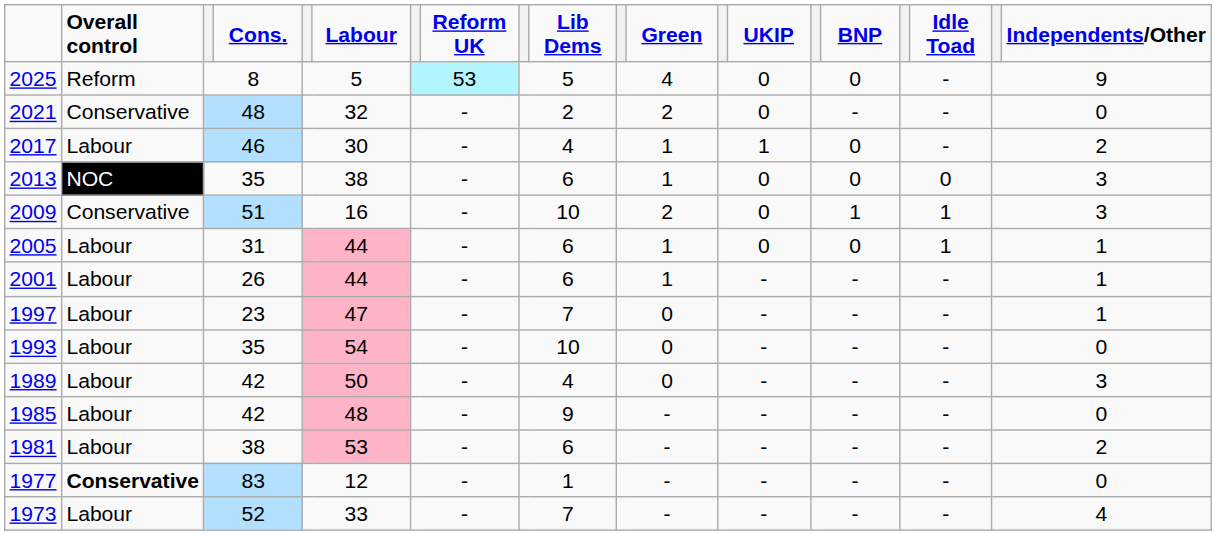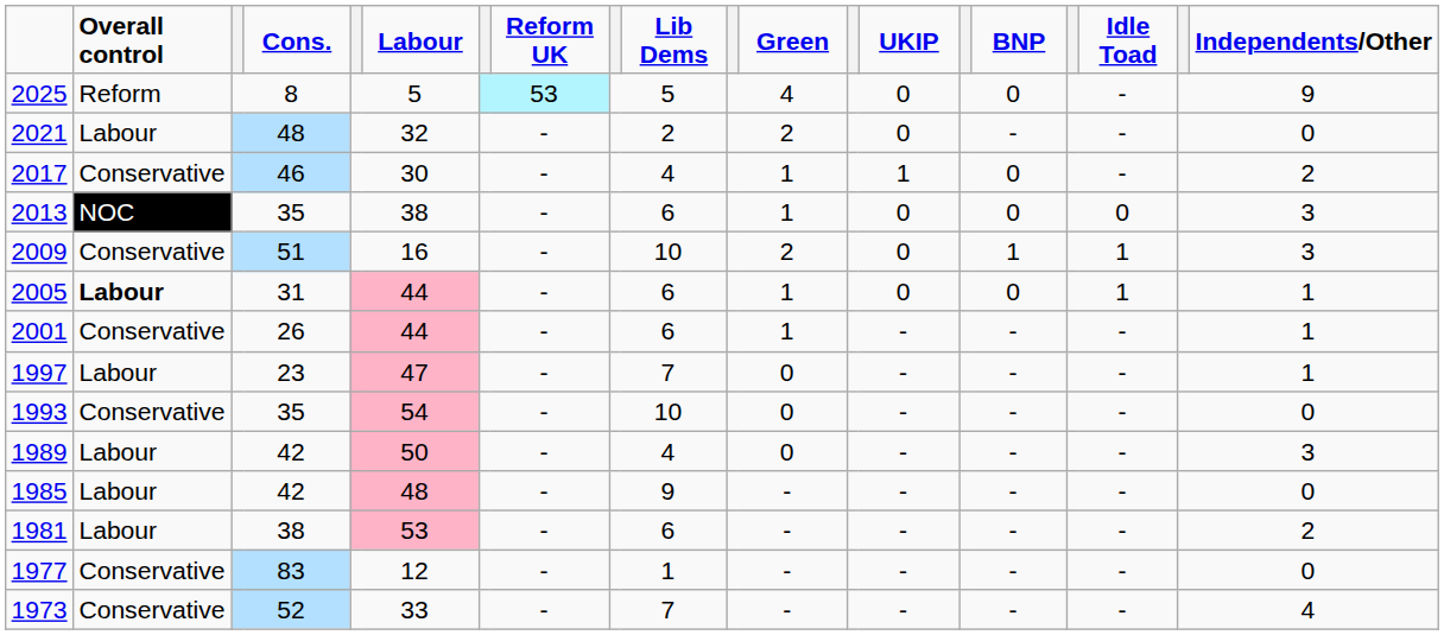 <table class="wikitable" style="text-align:left; padding-left:1em; font-size: 95%">
 <tr>
 <td width=32></td>
 <td width=90><strong>Overall control</strong></td>
 <th style="background-color: "></th>
 <td width=87 align="center"><strong><a href='#'>Cons.</a></strong></td>
 <th style="background-color: "></th>
 <td width=87 align="center"><strong><a href='#'>Labour</a></strong></td>
 <th style="background-color: "></th>
 <td width=87 align="center"><strong><a href='#'>Reform UK</a></strong></td>
 <th style="background-color: "></th>
 <td width=87 align="center"><strong><a href='#'>Lib Dems </a></strong></td>
 <th style="background-color: "></th>
 <td width=87 align="center"><strong><a href='#'>Green</a></strong></td>
 <th style="background-color: "></th>
 <td width=87 align="center"><strong><a href='#'>UKIP</a></strong></td>
 <th style="background-color: "></th>
 <td width=87 align="center"><strong><a href='#'>BNP</a></strong></td>
 <th style="background-color: "></th>
 <td width=87 align="center"><strong><a href='#'>Idle Toad</a></strong></td>
 <th style="background-color: "></th>
 <td width=87 align="center"><strong><a href='#'>Independents</a>/Other</strong></td>
 </tr>
 <tr>
 <td><a href='#'>2025</a></td>
 <td style="background:">Reform</td>
 <td colspan=2 align="center">8</td>
 <td colspan=2 align="center">5</td>
 <td colspan=2 align="center" style="background:#B3f5Ff">53</td>
 <td colspan=2 align="center">5</td>
 <td colspan=2 align="center">4</td>
 <td colspan=2 align="center">0</td>
 <td colspan=2 align="center">0</td>
 <td colspan=2 align="center">-</td>
 <td colspan=2 align="center">9</td>
 </tr>
 <tr>
 <td><a href='#'>2021</a></td>
-<td style="background:">Conservative</td>
+<td style="background:">Labour</td>
 <td colspan=2 align="center" style="background:#B3E0FF">48</td>
 <td colspan=2 align="center">32</td>
 <td colspan=2 align="center">-</td>
 <td colspan=2 align="center">2</td>
 <td colspan=2 align="center">2</td>
 <td colspan=2 align="center">0</td>
 <td colspan=2 align="center">-</td>
 <td colspan=2 align="center">-</td>
 <td colspan=2 align="center">0</td>
 </tr>
 <tr>
 <td><a href='#'>2017</a></td>
-<td style="background:">Labour</td>
+<td style="background:">Conservative</td>
 <td colspan=2 align="center" style="background:#B3E0FF">46</td>
 <td colspan=2 align="center">30</td>
 <td colspan=2 align="center">-</td>
 <td colspan=2 align="center">4</td>
 <td colspan=2 align="center">1</td>
 <td colspan=2 align="center">1</td>
 <td colspan=2 align="center">0</td>
 <td colspan=2 align="center">-</td>
 <td colspan=2 align="center">2 </td>
 </tr>
 <tr>
 <td><a href='#'>2013</a></td>
 <td style="background:black; color:white">NOC</td>
 <td colspan=2 align="center">35</td>
 <td colspan=2 align="center">38</td>
 <td colspan=2 align="center">-</td>
 <td colspan=2 align="center">6</td>
 <td colspan=2 align="center">1</td>
 <td colspan=2 align="center">0</td>
 <td colspan=2 align="center">0</td>
 <td colspan=2 align="center">0</td>
 <td colspan=2 align="center">3 </td>
 </tr>
 <tr>
 <td><a href='#'>2009</a></td>
 <td style="background:">Conservative</td>
 <td colspan=2 align="center" style="background:#B3E0FF">51</td>
 <td colspan=2 align="center">16</td>
 <td colspan=2 align="center">-</td>
 <td colspan=2 align="center">10</td>
 <td colspan=2 align="center">2</td>
 <td colspan=2 align="center">0</td>
 <td colspan=2 align="center">1</td>
 <td colspan=2 align="center">1</td>
 <td colspan=2 align="center">3 </td>
 </tr>
 <tr>
 <td><a href='#'>2005</a></td>
-<td style="background:">Labour</td>
+<td style="background:"><strong>Labour</strong></td>
 <td colspan=2 align="center">31</td>
 <td colspan=2 align="center" style="background:#ffb3c7">44</td>
 <td colspan=2 align="center">-</td>
 <td colspan=2 align="center">6</td>
 <td colspan=2 align="center">1</td>
 <td colspan=2 align="center">0</td>
 <td colspan=2 align="center">0</td>
 <td colspan=2 align="center">1</td>
 <td colspan=2 align="center">1 </td>
 </tr>
 <tr>
 <td><a href='#'>2001</a></td>
-<td style="background:">Labour</td>
+<td style="background:">Conservative</td>
 <td colspan=2 align="center">26</td>
 <td colspan=2 align="center" style="background:#ffb3c7">44</td>
 <td colspan=2 align="center">-</td>
 <td colspan=2 align="center">6</td>
 <td colspan=2 align="center">1</td>
 <td colspan=2 align="center">-</td>
 <td colspan=2 align="center">-</td>
 <td colspan=2 align="center">-</td>
 <td colspan=2 align="center">1 </td>
 </tr>
 <tr>
 <td><a href='#'>1997</a></td>
 <td style="background:">Labour</td>
 <td colspan=2 align="center">23</td>
 <td colspan=2 align="center" style="background:#ffb3c7">47</td>
 <td colspan=2 align="center">-</td>
 <td colspan=2 align="center">7</td>
 <td colspan=2 align="center">0</td>
 <td colspan=2 align="center">-</td>
 <td colspan=2 align="center">-</td>
 <td colspan=2 align="center">-</td>
 <td colspan=2 align="center">1 </td>
 </tr>
 <tr>
 <td><a href='#'>1993</a></td>
-<td style="background:">Labour</td>
+<td style="background:">Conservative</td>
 <td colspan=2 align="center">35</td>
 <td colspan=2 align="center" style="background:#ffb3c7">54</td>
 <td colspan=2 align="center">-</td>
 <td colspan=2 align="center">10</td>
 <td colspan=2 align="center">0</td>
 <td colspan=2 align="center">-</td>
 <td colspan=2 align="center">-</td>
 <td colspan=2 align="center">-</td>
 <td colspan=2 align="center">0</td>
 </tr>
 <tr>
 <td><a href='#'>1989</a></td>
 <td style="background:">Labour</td>
 <td colspan=2 align="center">42</td>
 <td colspan=2 align="center" style="background:#ffb3c7">50</td>
 <td colspan=2 align="center">-</td>
 <td colspan=2 align="center">4</td>
 <td colspan=2 align="center">0</td>
 <td colspan=2 align="center">-</td>
 <td colspan=2 align="center">-</td>
 <td colspan=2 align="center">-</td>
 <td colspan=2 align="center">3 </td>
 </tr>
 <tr>
 <td><a href='#'>1985</a></td>
 <td style="background:">Labour</td>
 <td colspan=2 align="center">42</td>
 <td colspan=2 align="center" style="background:#ffb3c7">48</td>
 <td colspan=2 align="center">-</td>
 <td colspan=2 align="center">9</td>
 <td colspan=2 align="center">-</td>
 <td colspan=2 align="center">-</td>
 <td colspan=2 align="center">-</td>
 <td colspan=2 align="center">-</td>
 <td colspan=2 align="center">0</td>
 </tr>
 <tr>
 <td><a href='#'>1981</a></td>
 <td style="background:">Labour</td>
 <td colspan=2 align="center">38</td>
 <td colspan=2 align="center" style="background:#ffb3c7">53</td>
 <td colspan=2 align="center">-</td>
 <td colspan=2 align="center">6</td>
 <td colspan=2 align="center">-</td>
 <td colspan=2 align="center">-</td>
 <td colspan=2 align="center">-</td>
 <td colspan=2 align="center">-</td>
 <td colspan=2 align="center">2 </td>
 </tr>
 <tr>
 <td><a href='#'>1977</a></td>
-<td style="background:"><strong>Conservative</strong></td>
+<td style="background:">Conservative</td>
 <td colspan=2 align="center" style="background:#B3E0FF">83</td>
 <td colspan=2 align="center">12</td>
 <td colspan=2 align="center">-</td>
 <td colspan=2 align="center">1</td>
 <td colspan=2 align="center">-</td>
 <td colspan=2 align="center">-</td>
 <td colspan=2 align="center">-</td>
 <td colspan=2 align="center">-</td>
 <td colspan=2 align="center">0</td>
 </tr>
 <tr>
 <td><a href='#'>1973</a></td>
-<td style="background:">Labour</td>
+<td style="background:">Conservative</td>
 <td colspan=2 align="center" style="background:#B3E0FF">52</td>
 <td colspan=2 align="center">33</td>
 <td colspan=2 align="center">-</td>
 <td colspan=2 align="center">7</td>
 <td colspan=2 align="center">-</td>
 <td colspan=2 align="center">-</td>
 <td colspan=2 align="center">-</td>
 <td colspan=2 align="center">-</td>
 <td colspan=2 align="center">4 </td>
 </tr>
 </table>
